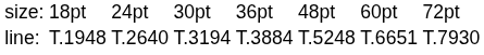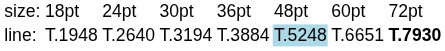 <table style="margin-left:40px;">
 <tr>
 <td>size:</td>
 <td>18pt</td>
 <td>24pt</td>
 <td>30pt</td>
 <td>36pt</td>
 <td>48pt</td>
 <td>60pt</td>
 <td>72pt</td>
 </tr>
 <tr>
 <td>line:</td>
 <td>T.1948</td>
 <td>T.2640</td>
 <td>T.3194</td>
 <td>T.3884</td>
-<td>T.5248</td>
+<td style="background: lightblue;">T.5248</td>
 <td>T.6651</td>
-<td>T.7930</td>
+<td><strong>T.7930</strong></td>
 </tr>
 </table>
